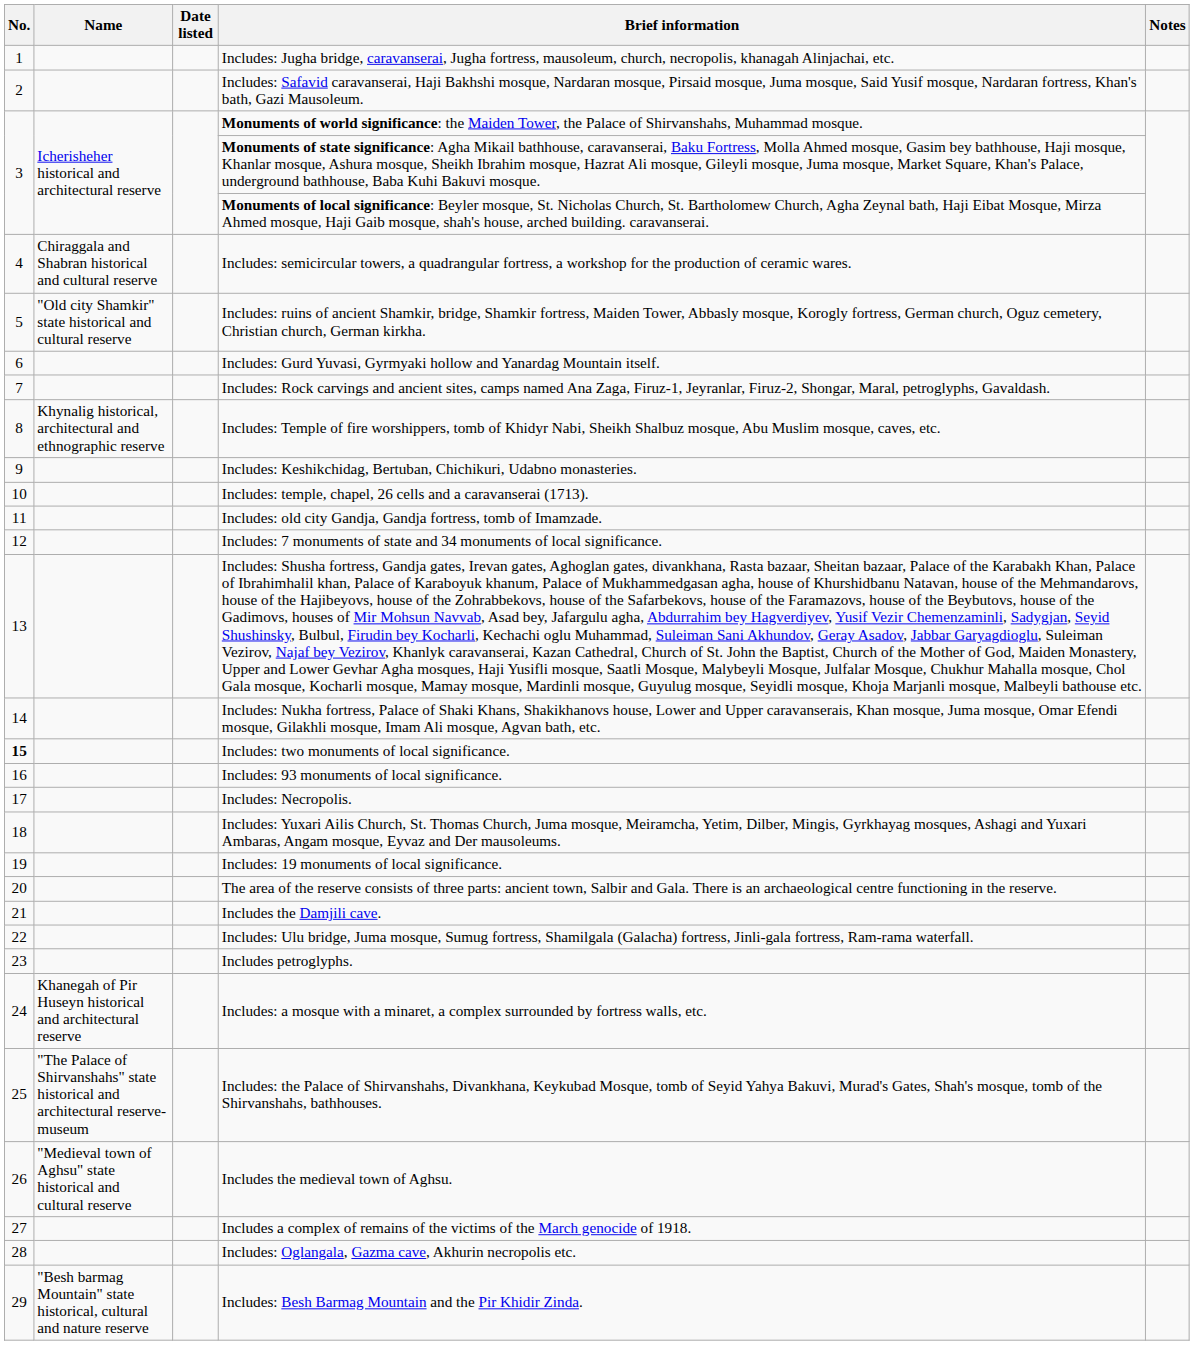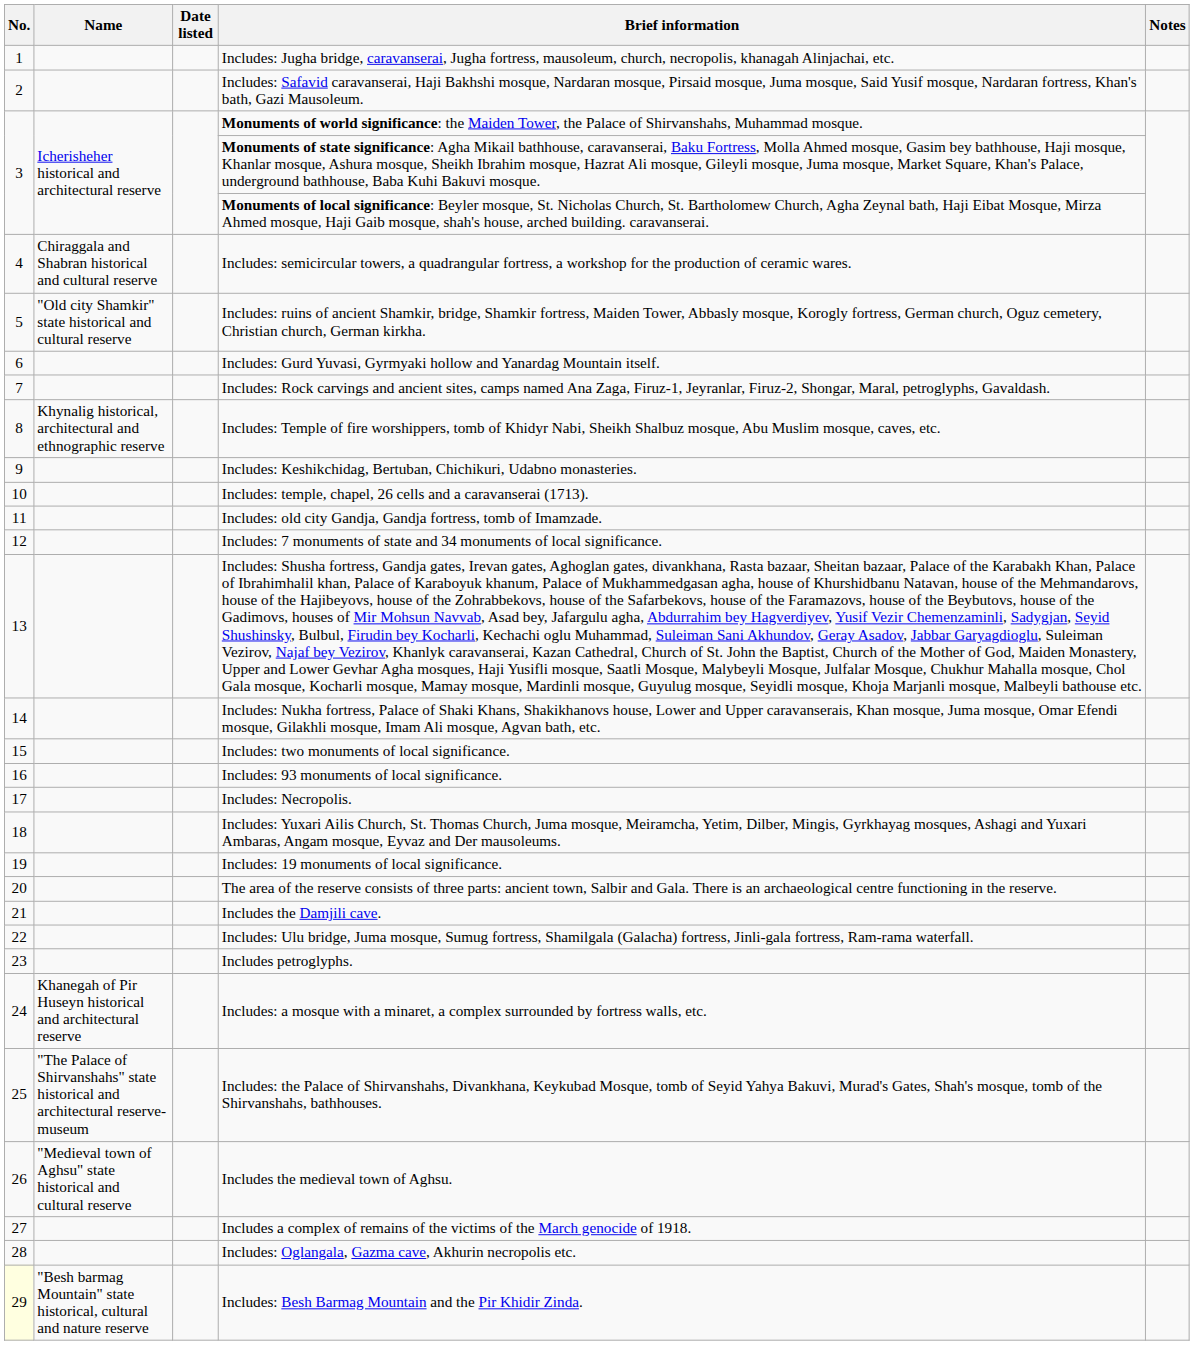 <table class="wikitable sortable">
 <tr>
 <th>No.</th>
 <th>Name</th>
 <th>Date listed</th>
 <th>Brief information</th>
 <th>Notes</th>
 </tr>
 <tr>
 <td align=center>1</td>
 <td></td>
 <td></td>
 <td>Includes: Jugha bridge, <a href='#'>caravanserai</a>, Jugha fortress, mausoleum, church, necropolis, khanagah Alinjachai, etc.</td>
 <td></td>
 </tr>
 <tr>
 <td align=center>2</td>
 <td></td>
 <td></td>
 <td>Includes: <a href='#'>Safavid</a> caravanserai, Haji Bakhshi mosque, Nardaran mosque, Pirsaid mosque, Juma mosque, Said Yusif mosque, Nardaran fortress, Khan's bath, Gazi Mausoleum.</td>
 <td></td>
 </tr>
 <tr>
 <td align=center rowspan=3>3</td>
 <td rowspan=3><a href='#'>Icherisheher</a> historical and architectural reserve</td>
 <td rowspan=3></td>
 <td><strong>Monuments of world significance</strong>: the <a href='#'>Maiden Tower</a>, the Palace of Shirvanshahs, Muhammad mosque.</td>
 <td rowspan=3></td>
 </tr>
 <tr>
 <td><strong>Monuments of state significance</strong>: Agha Mikail bathhouse, caravanserai, <a href='#'>Baku Fortress</a>, Molla Ahmed mosque, Gasim bey bathhouse, Haji mosque, Khanlar mosque, Ashura  mosque, Sheikh Ibrahim mosque, Hazrat Ali mosque, Gileyli mosque, Juma  mosque, Market Square, Khan's Palace, underground bathhouse, Baba Kuhi Bakuvi mosque.</td>
 </tr>
 <tr>
 <td><strong>Monuments of local significance</strong>: Beyler mosque, St. Nicholas Church, St. Bartholomew Church, Agha Zeynal bath, Haji Eibat Mosque, Mirza Ahmed mosque, Haji Gaib  mosque, shah's house, arched building. caravanserai.</td>
 </tr>
 <tr>
 <td align=center>4</td>
 <td>Chiraggala and Shabran historical and cultural reserve</td>
 <td></td>
 <td>Includes: semicircular towers, a quadrangular fortress, a workshop for the production of ceramic wares.</td>
 <td></td>
 </tr>
 <tr>
 <td align=center>5</td>
 <td>"Old city Shamkir" state historical and cultural reserve</td>
 <td></td>
 <td>Includes: ruins of ancient Shamkir, bridge, Shamkir fortress, Maiden Tower, Abbasly mosque, Korogly fortress, German church, Oguz cemetery, Christian church, German kirkha.</td>
 <td></td>
 </tr>
 <tr>
 <td align=center>6</td>
 <td></td>
 <td></td>
 <td>Includes: Gurd Yuvasi, Gyrmyaki hollow and Yanardag Mountain itself.</td>
 <td></td>
 </tr>
 <tr>
 <td align=center>7</td>
 <td></td>
 <td></td>
 <td>Includes: Rock carvings and ancient sites, camps named Ana Zaga, Firuz-1, Jeyranlar, Firuz-2, Shongar, Maral, petroglyphs, Gavaldash.</td>
 <td></td>
 </tr>
 <tr>
 <td align=center>8</td>
 <td>Khynalig historical, architectural and ethnographic reserve</td>
 <td></td>
 <td>Includes: Temple of fire worshippers, tomb of Khidyr Nabi, Sheikh Shalbuz mosque, Abu Muslim mosque, caves, etc.</td>
 <td></td>
 </tr>
 <tr>
 <td align=center>9</td>
 <td></td>
 <td></td>
 <td>Includes: Keshikchidag, Bertuban, Chichikuri, Udabno monasteries.</td>
 <td></td>
 </tr>
 <tr>
 <td align=center>10</td>
 <td></td>
 <td></td>
 <td>Includes: temple, chapel, 26 cells and a caravanserai (1713).</td>
 <td></td>
 </tr>
 <tr>
 <td align=center>11</td>
 <td></td>
 <td></td>
 <td>Includes: old city Gandja, Gandja fortress, tomb of Imamzade.</td>
 <td></td>
 </tr>
 <tr>
 <td align=center>12</td>
 <td></td>
 <td></td>
 <td>Includes: 7 monuments of state and 34 monuments of local significance.</td>
 <td></td>
 </tr>
 <tr>
 <td align=center>13</td>
 <td></td>
 <td></td>
 <td>Includes: Shusha fortress, Gandja gates, Irevan gates, Aghoglan gates, divankhana, Rasta bazaar, Sheitan bazaar, Palace of the Karabakh Khan, Palace of Ibrahimhalil khan, Palace of Karaboyuk khanum, Palace of Mukhammedgasan agha, house of Khurshidbanu Natavan, house of the  Mehmandarovs, house of the Hajibeyovs, house of the Zohrabbekovs, house of  the Safarbekovs, house of the Faramazovs, house of the Beybutovs, house of  the Gadimovs, houses of <a href='#'>Mir Mohsun Navvab</a>, Asad bey, Jafargulu agha,  <a href='#'>Abdurrahim bey Hagverdiyev</a>, <a href='#'>Yusif Vezir Chemenzaminli</a>, <a href='#'>Sadygjan</a>, <a href='#'>Seyid Shushinsky</a>, Bulbul, <a href='#'>Firudin bey Kocharli</a>, Kechachi oglu Muhammad, <a href='#'>Suleiman Sani Akhundov</a>, <a href='#'>Geray Asadov</a>, <a href='#'>Jabbar Garyagdioglu</a>, Suleiman Vezirov, <a href='#'>Najaf bey Vezirov</a>, Khanlyk caravanserai, Kazan Cathedral, Church of St. John the Baptist, Church of the Mother of God, Maiden Monastery, Upper and Lower Gevhar Agha mosques, Haji Yusifli mosque, Saatli Mosque, Malybeyli Mosque, Julfalar Mosque, Chukhur Mahalla mosque, Chol Gala mosque, Kocharli mosque, Mamay mosque, Mardinli mosque, Guyulug mosque, Seyidli mosque, Khoja Marjanli mosque, Malbeyli bathouse etc.</td>
 <td></td>
 </tr>
 <tr>
 <td align=center>14</td>
 <td></td>
 <td></td>
 <td>Includes: Nukha fortress, Palace of Shaki Khans, Shakikhanovs house, Lower and Upper caravanserais, Khan mosque, Juma mosque, Omar Efendi mosque, Gilakhli mosque, Imam Ali mosque, Agvan bath, etc.</td>
 <td></td>
 </tr>
 <tr>
-<td align=center><strong>15</strong></td>
+<td align=center>15</td>
 <td></td>
 <td></td>
 <td>Includes: two monuments of local significance.</td>
 <td></td>
 </tr>
 <tr>
 <td align=center>16</td>
 <td></td>
 <td></td>
 <td>Includes: 93 monuments of local significance.</td>
 <td></td>
 </tr>
 <tr>
 <td align=center>17</td>
 <td></td>
 <td></td>
 <td>Includes: Necropolis.</td>
 <td></td>
 </tr>
 <tr>
 <td align=center>18</td>
 <td></td>
 <td></td>
 <td>Includes: Yuxari Ailis Church, St. Thomas Church, Juma mosque, Meiramcha, Yetim,  Dilber, Mingis, Gyrkhayag mosques, Ashagi and Yuxari Ambaras, Angam mosque, Eyvaz and Der mausoleums.</td>
 <td></td>
 </tr>
 <tr>
 <td align=center>19</td>
 <td></td>
 <td></td>
 <td>Includes: 19 monuments of local significance.</td>
 <td></td>
 </tr>
 <tr>
 <td align=center>20</td>
 <td></td>
 <td></td>
 <td>The area of the reserve consists of three parts: ancient  town, Salbir and Gala. There is an archaeological centre functioning in the reserve.</td>
 <td></td>
 </tr>
 <tr>
 <td align=center>21</td>
 <td></td>
 <td></td>
 <td>Includes the <a href='#'>Damjili cave</a>.</td>
 <td></td>
 </tr>
 <tr>
 <td align=center>22</td>
 <td></td>
 <td></td>
 <td>Includes: Ulu bridge, Juma mosque, Sumug fortress, Shamilgala (Galacha) fortress, Jinli-gala fortress, Ram-rama waterfall.</td>
 <td></td>
 </tr>
 <tr>
 <td align=center>23</td>
 <td></td>
 <td></td>
 <td>Includes petroglyphs.</td>
 <td></td>
 </tr>
 <tr>
 <td align=center>24</td>
 <td>Khanegah of Pir Huseyn historical and architectural reserve</td>
 <td></td>
 <td>Includes: a mosque with a minaret, a complex surrounded by fortress walls, etc.</td>
 <td></td>
 </tr>
 <tr>
 <td align=center>25</td>
 <td>"The Palace of Shirvanshahs" state historical and architectural reserve-museum</td>
 <td></td>
 <td>Includes: the Palace of Shirvanshahs, Divankhana, Keykubad Mosque, tomb of Seyid Yahya Bakuvi, Murad's Gates, Shah's mosque, tomb of the Shirvanshahs, bathhouses.</td>
 <td></td>
 </tr>
 <tr>
 <td align=center>26</td>
 <td>"Medieval town of Aghsu" state historical and cultural reserve</td>
 <td></td>
 <td>Includes the medieval town of Aghsu.</td>
 <td></td>
 </tr>
 <tr>
 <td align=center>27</td>
 <td></td>
 <td></td>
 <td>Includes a complex of remains of the victims of the <a href='#'>March genocide</a> of 1918.</td>
 <td></td>
 </tr>
 <tr>
 <td align=center>28</td>
 <td></td>
 <td></td>
 <td>Includes: <a href='#'>Oglangala</a>, <a href='#'>Gazma cave</a>, Akhurin necropolis etc.</td>
 <td></td>
 </tr>
 <tr>
-<td align=center>29</td>
+<td align=center style="background: lightyellow;">29</td>
 <td>"Besh barmag Mountain" state historical, cultural and nature reserve</td>
 <td align=center></td>
 <td>Includes: <a href='#'>Besh Barmag Mountain</a> and the <a href='#'>Pir Khidir Zinda</a>.</td>
 <td></td>
 </tr>
 </table>
